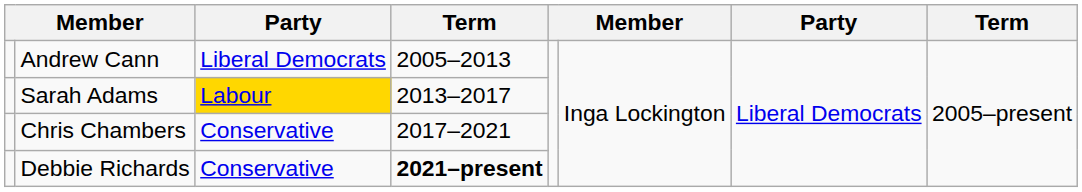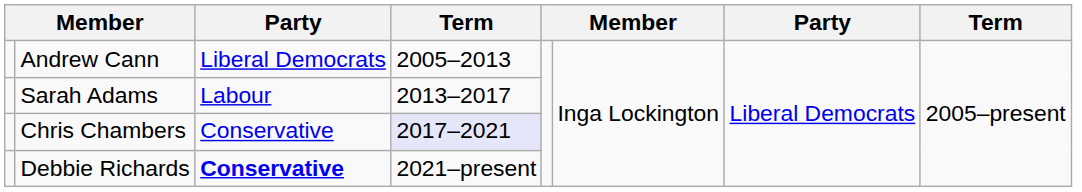 <table class="wikitable">
 <tr>
 <th colspan="2">Member</th>
 <th>Party</th>
 <th>Term</th>
 <th colspan="2">Member</th>
 <th>Party</th>
 <th>Term</th>
 </tr>
 <tr>
 <td style="background-color: "></td>
 <td>Andrew Cann</td>
 <td><a href='#'>Liberal Democrats</a></td>
 <td>2005–2013</td>
 <td rowspan="4" style="background-color: "></td>
 <td rowspan="4">Inga Lockington</td>
 <td rowspan="4"><a href='#'>Liberal Democrats</a></td>
 <td rowspan="4">2005–present</td>
 </tr>
 <tr>
 <td style="background-color: "></td>
 <td>Sarah Adams</td>
-<td style="background: gold;"><a href='#'>Labour</a></td>
+<td><a href='#'>Labour</a></td>
 <td>2013–2017</td>
 </tr>
 <tr>
 <td style="background-color: "></td>
 <td>Chris Chambers</td>
 <td><a href='#'>Conservative</a></td>
-<td>2017–2021</td>
+<td style="background: lavender;">2017–2021</td>
 </tr>
 <tr>
 <td style="background-color: "></td>
 <td>Debbie Richards</td>
-<td><a href='#'>Conservative</a></td>
-<td><strong>2021–present</strong></td>
+<td><strong><a href='#'>Conservative</a></strong></td>
+<td>2021–present</td>
 </tr>
 </table>
